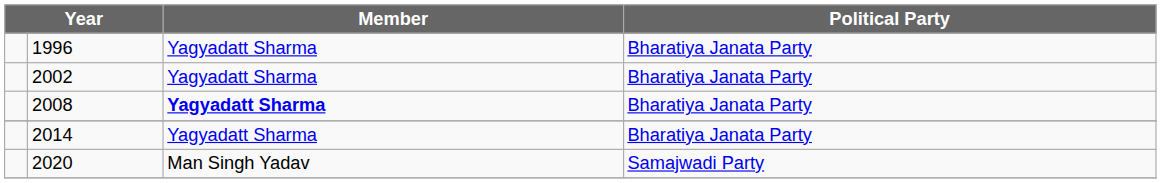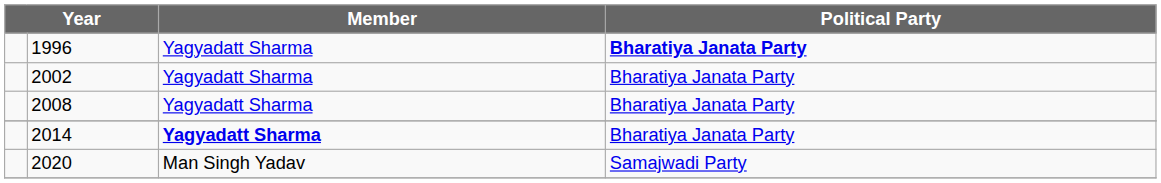 <table class="wikitable" width=80%>
 <tr>
 <th style="background-color:#666666; color:white" colspan="2">Year</th>
 <th style="background-color:#666666; color:white">Member</th>
 <th style="background-color:#666666; color:white">Political Party</th>
 </tr>
 <tr>
 <td style="background-color: "></td>
 <td>1996</td>
 <td><a href='#'>Yagyadatt Sharma</a></td>
-<td><a href='#'>Bharatiya Janata Party</a></td>
+<td><strong><a href='#'>Bharatiya Janata Party</a></strong></td>
 </tr>
 <tr>
 <td style="background-color: "></td>
 <td>2002</td>
 <td><a href='#'>Yagyadatt Sharma</a></td>
 <td><a href='#'>Bharatiya Janata Party</a></td>
 </tr>
 <tr>
 <td style="background-color: "></td>
 <td>2008</td>
-<td><strong><a href='#'>Yagyadatt Sharma</a></strong></td>
+<td><a href='#'>Yagyadatt Sharma</a></td>
 <td><a href='#'>Bharatiya Janata Party</a></td>
 </tr>
 <tr>
 </tr>
 <tr>
 <td style="background-color: "></td>
 <td>2014</td>
-<td><a href='#'>Yagyadatt Sharma</a></td>
+<td><strong><a href='#'>Yagyadatt Sharma</a></strong></td>
 <td><a href='#'>Bharatiya Janata Party</a></td>
 </tr>
 <tr>
 <td style="background-color: "></td>
 <td>2020</td>
 <td>Man Singh Yadav</td>
 <td><a href='#'>Samajwadi Party</a></td>
 </tr>
 <tr>
 </tr>
 </table>
